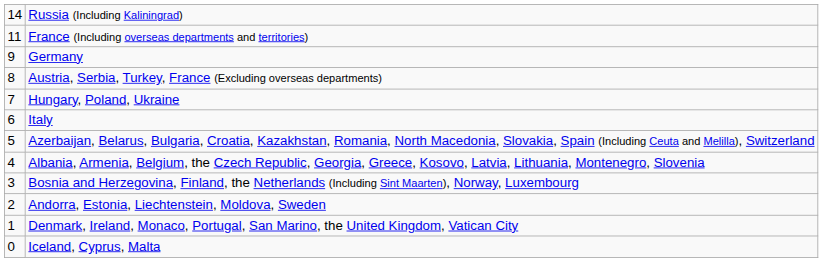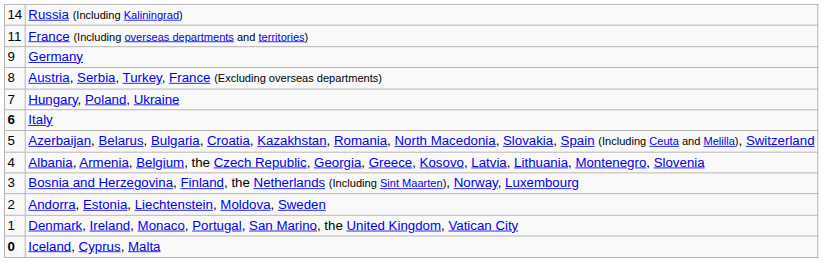 <table class="wikitable">
 <tr>
 <td>14</td>
 <td><a href='#'>Russia</a> <small>(Including <a href='#'>Kaliningrad</a>)</small></td>
 </tr>
 <tr>
 <td>11</td>
 <td><a href='#'>France</a> <small>(Including <a href='#'>overseas departments</a> and <a href='#'>territories</a>)</small></td>
 </tr>
 <tr>
 <td>9</td>
 <td><a href='#'>Germany</a></td>
 </tr>
 <tr>
 <td>8</td>
 <td><a href='#'>Austria</a>, <a href='#'>Serbia</a>, <a href='#'>Turkey</a>, <a href='#'>France</a> <small>(Excluding overseas departments)</small></td>
 </tr>
 <tr>
 <td>7</td>
 <td><a href='#'>Hungary</a>, <a href='#'>Poland</a>, <a href='#'>Ukraine</a></td>
 </tr>
 <tr>
-<td>6</td>
+<td><strong>6</strong></td>
 <td><a href='#'>Italy</a></td>
 </tr>
 <tr>
 <td>5</td>
 <td><a href='#'>Azerbaijan</a>, <a href='#'>Belarus</a>, <a href='#'>Bulgaria</a>, <a href='#'>Croatia</a>, <a href='#'>Kazakhstan</a>, <a href='#'>Romania</a>, <a href='#'>North Macedonia</a>, <a href='#'>Slovakia</a>, <a href='#'>Spain</a> <small>(Including <a href='#'>Ceuta</a> and <a href='#'>Melilla</a>)</small>, <a href='#'>Switzerland</a></td>
 </tr>
 <tr>
 <td>4</td>
 <td><a href='#'>Albania</a>, <a href='#'>Armenia</a>, <a href='#'>Belgium</a>, the <a href='#'>Czech Republic</a>, <a href='#'>Georgia</a>, <a href='#'>Greece</a>, <a href='#'>Kosovo</a>, <a href='#'>Latvia</a>, <a href='#'>Lithuania</a>, <a href='#'>Montenegro</a>,  <a href='#'>Slovenia</a></td>
 </tr>
 <tr>
 <td>3</td>
 <td><a href='#'>Bosnia and Herzegovina</a>, <a href='#'>Finland</a>, the <a href='#'>Netherlands</a> <small>(Including <a href='#'>Sint Maarten</a>)</small>, <a href='#'>Norway</a>, <a href='#'>Luxembourg</a></td>
 </tr>
 <tr>
 <td>2</td>
 <td><a href='#'>Andorra</a>, <a href='#'>Estonia</a>, <a href='#'>Liechtenstein</a>, <a href='#'>Moldova</a>, <a href='#'>Sweden</a></td>
 </tr>
 <tr>
 <td>1</td>
 <td><a href='#'>Denmark</a>, <a href='#'>Ireland</a>, <a href='#'>Monaco</a>, <a href='#'>Portugal</a>, <a href='#'>San Marino</a>, the <a href='#'>United Kingdom</a>, <a href='#'>Vatican City</a></td>
 </tr>
 <tr>
-<td>0</td>
+<td><strong>0</strong></td>
 <td><a href='#'>Iceland</a>, <a href='#'>Cyprus</a>, <a href='#'>Malta</a></td>
 </tr>
 </table>
